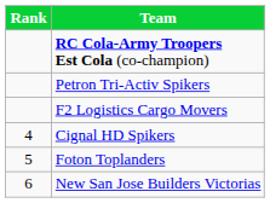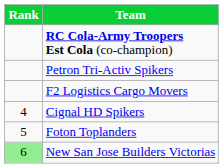 <table class="wikitable" style="text-align: center;">
 <tr>
 <th style="width:40px; background:#08cf35; color:white;">Rank</th>
 <th style="background:#08cf35; color:white;">Team</th>
 </tr>
 <tr bgcolor=>
 <td></td>
 <td style="text-align:left;"><strong><a href='#'>RC Cola-Army Troopers</a></strong><br><strong>Est Cola</strong> (co-champion)</td>
 </tr>
 <tr>
 <td></td>
 <td style="text-align:left;"><a href='#'>Petron Tri-Activ Spikers</a></td>
 </tr>
 <tr>
 <td></td>
 <td style="text-align:left;"><a href='#'>F2 Logistics Cargo Movers</a></td>
 </tr>
 <tr>
 <td>4</td>
 <td style="text-align:left;"><a href='#'>Cignal HD Spikers</a></td>
 </tr>
 <tr>
 <td>5</td>
 <td style="text-align:left;"><a href='#'>Foton Toplanders</a></td>
 </tr>
 <tr>
-<td>6</td>
+<td style="background: lightgreen;">6</td>
 <td style="text-align:left;"><a href='#'>New San Jose Builders Victorias</a></td>
 </tr>
 </table>
